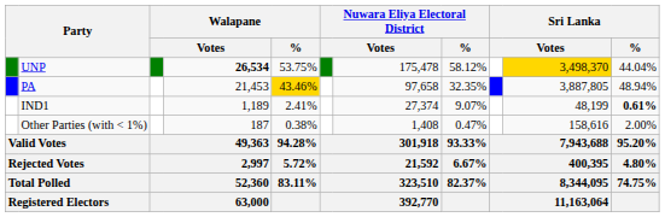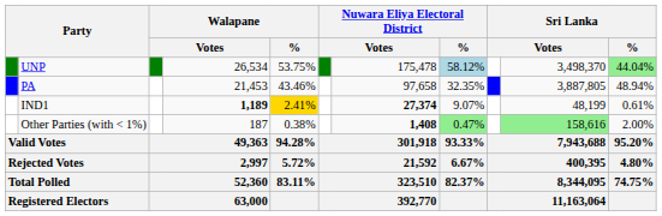 <table class="wikitable">
 <tr>
 <th colspan="2" width="144px"rowspan="2">Party</th>
 <th colspan="3" width="216px">Walapane</th>
 <th colspan="3" width="216px"><a href='#'>Nuwara Eliya Electoral District</a></th>
 <th colspan="3" width="216px">Sri Lanka</th>
 </tr>
 <tr>
 <th colspan="2" width="144px">Votes</th>
 <th>%</th>
 <th colspan="2" width="144px">Votes</th>
 <th>%</th>
 <th colspan="2" width="144px">Votes</th>
 <th>%</th>
 </tr>
 <tr>
 <td style="background-color:green;" width="10px"></td>
 <td style="text-align:left;"><a href='#'>UNP</a></td>
 <td style="background-color:green;" width="10px"></td>
-<td style="text-align:right;"><strong>26,534</strong></td>
+<td style="text-align:right;">26,534</td>
 <td style="text-align:right;">53.75%</td>
 <td style="background-color:green;" width="10px"></td>
 <td style="text-align:right;">175,478</td>
-<td style="text-align:right;">58.12%</td>
+<td style="background: lightblue; text-align:right;">58.12%</td>
 <td style="background-color:white;" width="10px"></td>
-<td style="background: gold; text-align:right;">3,498,370</td>
-<td style="text-align:right;">44.04%</td>
+<td style="text-align:right;">3,498,370</td>
+<td style="background: lightgreen; text-align:right;">44.04%</td>
 </tr>
 <tr>
 <td style="background-color:blue;" width="10px"></td>
 <td style="text-align:left;"><a href='#'>PA</a></td>
 <td style="background-color:white;" width="10px"></td>
 <td style="text-align:right;">21,453</td>
-<td style="background: gold; text-align:right;">43.46%</td>
+<td style="text-align:right;">43.46%</td>
 <td style="background-color:white;" width="10px"></td>
 <td style="text-align:right;">97,658</td>
 <td style="text-align:right;">32.35%</td>
 <td style="background-color:blue;" width="10px"></td>
 <td style="text-align:right;">3,887,805</td>
 <td style="text-align:right;">48.94%</td>
 </tr>
 <tr>
 <td style="background-color:white;" width="10px"></td>
 <td style="text-align:left;">IND1</td>
 <td style="background-color:white;" width="10px"></td>
-<td style="text-align:right;">1,189</td>
-<td style="text-align:right;">2.41%</td>
+<td style="text-align:right;"><strong>1,189</strong></td>
+<td style="background: gold; text-align:right;">2.41%</td>
 <td style="background-color:white;" width="10px"></td>
-<td style="text-align:right;">27,374</td>
+<td style="text-align:right;"><strong>27,374</strong></td>
 <td style="text-align:right;">9.07%</td>
 <td style="background-color:white;" width="10px"></td>
 <td style="text-align:right;">48,199</td>
-<td style="text-align:right;"><strong>0.61%</strong></td>
+<td style="text-align:right;">0.61%</td>
 </tr>
 <tr>
 <td style="background-color:white;" width="10px"></td>
 <td style="text-align:left;">Other Parties (with < 1%)</td>
 <td style="background-color:white;" width="10px"></td>
 <td style="text-align:right;">187</td>
 <td style="text-align:right;">0.38%</td>
 <td style="background-color:white;" width="10px"></td>
-<td style="text-align:right;">1,408</td>
-<td style="text-align:right;">0.47%</td>
+<td style="text-align:right;"><strong>1,408</strong></td>
+<td style="background: lightgreen; text-align:right;">0.47%</td>
 <td style="background-color:white;" width="10px"></td>
-<td style="text-align:right;">158,616</td>
+<td style="background: lightgreen; text-align:right;">158,616</td>
 <td style="text-align:right;">2.00%</td>
 </tr>
 <tr>
 <th colspan="2" width="144px"style="text-align:left;">Valid Votes</th>
 <th style="text-align:right;"colspan="2" width="144px">49,363</th>
 <th style="text-align:right;">94.28%</th>
 <th style="text-align:right;"colspan="2" width="144px">301,918</th>
 <th style="text-align:right;">93.33%</th>
 <th style="text-align:right;"colspan="2" width="144px">7,943,688</th>
 <th style="text-align:right;">95.20%</th>
 </tr>
 <tr>
 <th colspan="2" width="144px"style="text-align:left;">Rejected Votes</th>
 <th style="text-align:right;"colspan="2" width="144px">2,997</th>
 <th style="text-align:right;">5.72%</th>
 <th style="text-align:right;"colspan="2" width="144px">21,592</th>
 <th style="text-align:right;">6.67%</th>
 <th style="text-align:right;"colspan="2" width="144px">400,395</th>
 <th style="text-align:right;">4.80%</th>
 </tr>
 <tr>
 <th colspan="2" width="144px"style="text-align:left;">Total Polled</th>
 <th style="text-align:right;"colspan="2" width="144px">52,360</th>
 <th style="text-align:right;">83.11%</th>
 <th style="text-align:right;"colspan="2" width="144px">323,510</th>
 <th style="text-align:right;">82.37%</th>
 <th style="text-align:right;"colspan="2" width="144px">8,344,095</th>
 <th style="text-align:right;">74.75%</th>
 </tr>
 <tr>
 <th colspan="2" width="144px"style="text-align:left;">Registered Electors</th>
 <th style="text-align:right;"colspan="2" width="144px">63,000</th>
 <th></th>
 <th style="text-align:right;"colspan="2" width="144px">392,770</th>
 <th></th>
 <th style="text-align:right;"colspan="2" width="144px">11,163,064</th>
 <th></th>
 </tr>
 </table>
